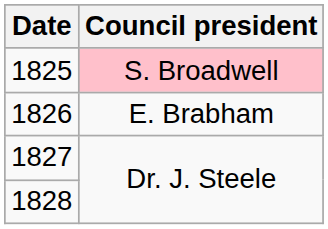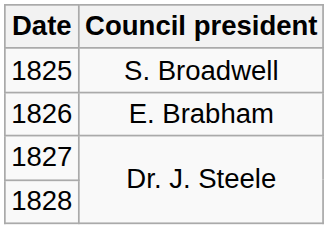 <table class="wikitable">
 <tr>
 <th>Date</th>
 <th>Council president</th>
 </tr>
 <tr align=center>
 <td>1825</td>
-<td style="background: pink;">S. Broadwell</td>
+<td>S. Broadwell</td>
 </tr>
 <tr align=center>
 <td>1826</td>
 <td>E. Brabham</td>
 </tr>
 <tr align=center>
 <td>1827</td>
 <td rowspan=2>Dr. J. Steele</td>
 </tr>
 <tr align=center>
 <td>1828</td>
 </tr>
 </table>
